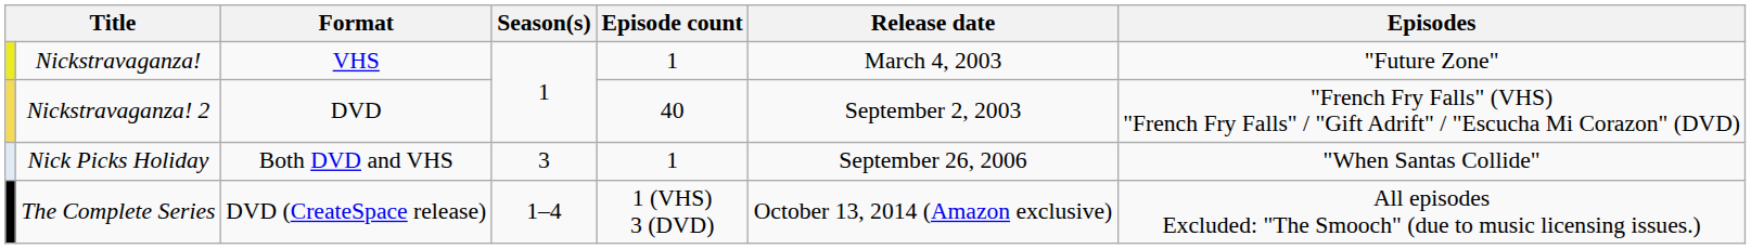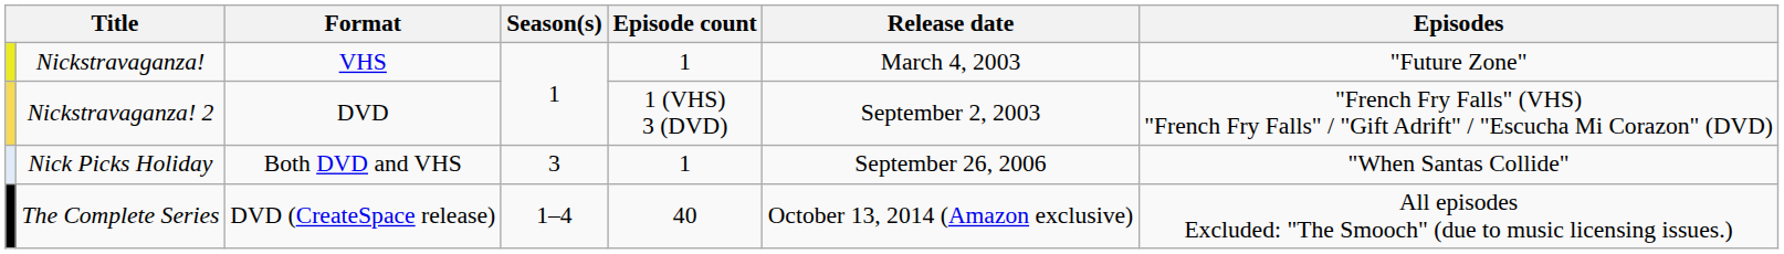 <table class="wikitable" style="text-align: center;">
 <tr>
 <th colspan=2>Title</th>
 <th>Format</th>
 <th>Season(s)</th>
 <th>Episode count</th>
 <th>Release date</th>
 <th>Episodes</th>
 </tr>
 <tr>
 <td style="background:#eaec1f"></td>
 <td><em>Nickstravaganza!</em></td>
 <td><a href='#'>VHS</a></td>
 <td rowspan=2>1</td>
 <td>1</td>
 <td>March 4, 2003</td>
 <td>"Future Zone"</td>
 </tr>
 <tr>
 <td style="background:#f5da55"></td>
 <td><em>Nickstravaganza! 2</em></td>
 <td>DVD</td>
-<td>40</td>
+<td>1 (VHS)<br>3 (DVD)</td>
 <td>September 2, 2003</td>
 <td>"French Fry Falls" (VHS)<br>"French Fry Falls" / "Gift Adrift" / "Escucha Mi Corazon" (DVD)</td>
 </tr>
 <tr>
 <td style="background:#e1ebf7"></td>
 <td><em>Nick Picks Holiday</em></td>
 <td>Both <a href='#'>DVD</a> and VHS</td>
 <td>3</td>
 <td>1</td>
 <td>September 26, 2006</td>
 <td>"When Santas Collide"</td>
 </tr>
 <tr>
 <td style="background:#000;"></td>
 <td><em>The Complete Series</em></td>
 <td>DVD (<a href='#'>CreateSpace</a> release)</td>
 <td>1–4</td>
-<td>1 (VHS)<br>3 (DVD)</td>
+<td>40</td>
 <td>October 13, 2014 (<a href='#'>Amazon</a> exclusive)</td>
 <td>All episodes<br>Excluded: "The Smooch" (due to music licensing issues.)</td>
 </tr>
 </table>
